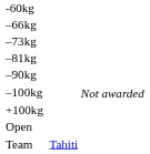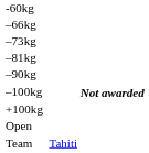 <table>
 <tr>
 <td rowspan=2>-60kg</td>
 <td rowspan=2></td>
 <td rowspan=2></td>
 <td></td>
 </tr>
 <tr>
 <td></td>
 </tr>
 <tr>
 <td rowspan=2>–66kg</td>
 <td rowspan=2></td>
 <td rowspan=2></td>
 <td></td>
 </tr>
 <tr>
 <td></td>
 </tr>
 <tr>
 <td rowspan=2>–73kg</td>
 <td rowspan=2></td>
 <td rowspan=2></td>
 <td></td>
 </tr>
 <tr>
 <td></td>
 </tr>
 <tr>
 <td rowspan=2>–81kg</td>
 <td rowspan=2></td>
 <td rowspan=2></td>
 <td></td>
 </tr>
 <tr>
 <td></td>
 </tr>
 <tr>
 <td rowspan=2>–90kg</td>
 <td rowspan=2></td>
 <td rowspan=2></td>
 <td></td>
 </tr>
 <tr>
 <td></td>
 </tr>
 <tr>
 <td rowspan=2>–100kg</td>
 <td rowspan=2></td>
 <td rowspan=2></td>
 </tr>
 <tr>
-<td><em>Not awarded</em></td>
+<td><strong><em>Not awarded</em></strong></td>
 </tr>
 <tr>
 <td rowspan=2>+100kg</td>
 <td rowspan=2></td>
 <td rowspan=2></td>
 <td></td>
 </tr>
 <tr>
 <td></td>
 </tr>
 <tr>
 <td rowspan=2>Open</td>
 <td rowspan=2></td>
 <td rowspan=2></td>
 <td></td>
 </tr>
 <tr>
 <td></td>
 </tr>
 <tr>
 <td rowspan=2>Team</td>
 <td rowspan=2></td>
 <td rowspan=2> <a href='#'>Tahiti</a></td>
 <td></td>
 </tr>
 <tr>
 <td></td>
 </tr>
 </table>
